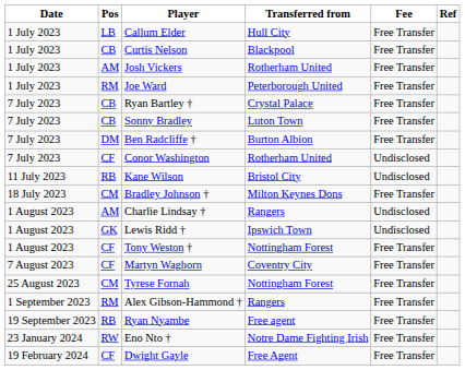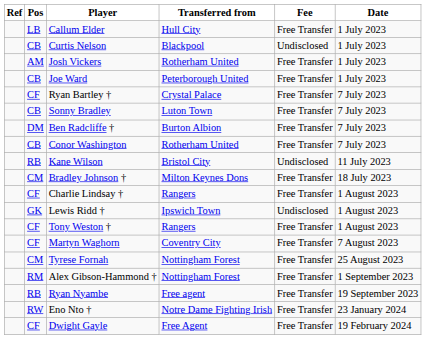 <table class="wikitable plainrowheaders sortable">
 <tr>
-<th style="color:#000000; background:#ffffff; ">Date</th>
+<th style="color:#000000; background:#ffffff; ">Ref</th>
 <th style="color:#000000; background:#ffffff; ">Pos</th>
 <th style="color:#000000; background:#ffffff; ">Player</th>
 <th style="color:#000000; background:#ffffff; ">Transferred from</th>
 <th style="color:#000000; background:#ffffff; ">Fee</th>
-<th style="color:#000000; background:#ffffff; ">Ref</th>
+<th style="color:#000000; background:#ffffff; ">Date</th>
 </tr>
 <tr>
-<td>1 July 2023</td>
+<td></td>
 <td><a href='#'>LB</a></td>
 <td> <a href='#'>Callum Elder</a></td>
 <td> <a href='#'>Hull City</a></td>
 <td>Free Transfer</td>
-<td></td>
+<td>1 July 2023</td>
 </tr>
 <tr>
-<td>1 July 2023</td>
+<td></td>
 <td><a href='#'>CB</a></td>
 <td> <a href='#'>Curtis Nelson</a></td>
 <td> <a href='#'>Blackpool</a></td>
-<td>Free Transfer</td>
-<td></td>
+<td>Undisclosed</td>
+<td>1 July 2023</td>
 </tr>
 <tr>
-<td>1 July 2023</td>
+<td></td>
 <td><a href='#'>AM</a></td>
 <td> <a href='#'>Josh Vickers</a></td>
 <td> <a href='#'>Rotherham United</a></td>
 <td>Free Transfer</td>
-<td></td>
+<td>1 July 2023</td>
 </tr>
 <tr>
-<td>1 July 2023</td>
-<td><a href='#'>RM</a></td>
+<td></td>
+<td><a href='#'>CB</a></td>
 <td> <a href='#'>Joe Ward</a></td>
 <td> <a href='#'>Peterborough United</a></td>
 <td>Free Transfer</td>
-<td></td>
+<td>1 July 2023</td>
 </tr>
 <tr>
-<td>7 July 2023</td>
-<td><a href='#'>CB</a></td>
+<td></td>
+<td><a href='#'>CF</a></td>
 <td> Ryan Bartley †</td>
 <td> <a href='#'>Crystal Palace</a></td>
 <td>Free Transfer</td>
-<td></td>
+<td>7 July 2023</td>
 </tr>
 <tr>
-<td>7 July 2023</td>
+<td></td>
 <td><a href='#'>CB</a></td>
 <td> <a href='#'>Sonny Bradley</a></td>
 <td> <a href='#'>Luton Town</a></td>
 <td>Free Transfer</td>
-<td></td>
+<td>7 July 2023</td>
 </tr>
 <tr>
-<td>7 July 2023</td>
+<td></td>
 <td><a href='#'>DM</a></td>
 <td> <a href='#'>Ben Radcliffe</a> †</td>
 <td> <a href='#'>Burton Albion</a></td>
 <td>Free Transfer</td>
-<td></td>
+<td>7 July 2023</td>
 </tr>
 <tr>
-<td>7 July 2023</td>
-<td><a href='#'>CF</a></td>
+<td></td>
+<td><a href='#'>CB</a></td>
 <td> <a href='#'>Conor Washington</a></td>
 <td> <a href='#'>Rotherham United</a></td>
-<td>Undisclosed</td>
-<td></td>
+<td>Free Transfer</td>
+<td>7 July 2023</td>
 </tr>
 <tr>
-<td>11 July 2023</td>
+<td></td>
 <td><a href='#'>RB</a></td>
 <td> <a href='#'>Kane Wilson</a></td>
 <td> <a href='#'>Bristol City</a></td>
 <td>Undisclosed</td>
-<td></td>
+<td>11 July 2023</td>
 </tr>
 <tr>
-<td>18 July 2023</td>
+<td></td>
 <td><a href='#'>CM</a></td>
 <td> <a href='#'>Bradley Johnson</a> †</td>
 <td> <a href='#'>Milton Keynes Dons</a></td>
 <td>Free Transfer</td>
-<td></td>
+<td>18 July 2023</td>
 </tr>
 <tr>
-<td>1 August 2023</td>
-<td><a href='#'>AM</a></td>
+<td></td>
+<td><a href='#'>CF</a></td>
 <td> Charlie Lindsay †</td>
 <td> <a href='#'>Rangers</a></td>
-<td>Undisclosed</td>
-<td></td>
+<td>Free Transfer</td>
+<td>1 August 2023</td>
 </tr>
 <tr>
-<td>1 August 2023</td>
+<td></td>
 <td><a href='#'>GK</a></td>
 <td> Lewis Ridd †</td>
 <td> <a href='#'>Ipswich Town</a></td>
 <td>Undisclosed</td>
-<td></td>
+<td>1 August 2023</td>
 </tr>
 <tr>
-<td>1 August 2023</td>
+<td></td>
 <td><a href='#'>CF</a></td>
 <td> <a href='#'>Tony Weston</a> †</td>
-<td> <a href='#'>Nottingham Forest</a></td>
+<td> <a href='#'>Rangers</a></td>
 <td>Free Transfer</td>
-<td></td>
+<td>1 August 2023</td>
 </tr>
 <tr>
-<td>7 August 2023</td>
+<td></td>
 <td><a href='#'>CF</a></td>
 <td> <a href='#'>Martyn Waghorn</a></td>
 <td> <a href='#'>Coventry City</a></td>
 <td>Free Transfer</td>
-<td></td>
+<td>7 August 2023</td>
 </tr>
 <tr>
-<td>25 August 2023</td>
+<td></td>
 <td><a href='#'>CM</a></td>
 <td> <a href='#'>Tyrese Fornah</a></td>
 <td> <a href='#'>Nottingham Forest</a></td>
 <td>Free Transfer</td>
-<td></td>
+<td>25 August 2023</td>
 </tr>
 <tr>
-<td>1 September 2023</td>
+<td></td>
 <td><a href='#'>RM</a></td>
 <td> Alex Gibson-Hammond †</td>
-<td> <a href='#'>Rangers</a></td>
+<td> <a href='#'>Nottingham Forest</a></td>
 <td>Free Transfer</td>
-<td></td>
+<td>1 September 2023</td>
 </tr>
 <tr>
-<td>19 September 2023</td>
+<td></td>
 <td><a href='#'>RB</a></td>
 <td> <a href='#'>Ryan Nyambe</a></td>
 <td> <a href='#'>Free agent</a></td>
 <td>Free Transfer</td>
-<td></td>
+<td>19 September 2023</td>
 </tr>
 <tr>
-<td>23 January 2024</td>
+<td></td>
 <td><a href='#'>RW</a></td>
 <td> Eno Nto †</td>
 <td> <a href='#'>Notre Dame Fighting Irish</a></td>
 <td>Free Transfer</td>
-<td></td>
+<td>23 January 2024</td>
 </tr>
 <tr>
-<td>19 February 2024</td>
+<td></td>
 <td><a href='#'>CF</a></td>
 <td> <a href='#'>Dwight Gayle</a></td>
 <td> <a href='#'>Free Agent</a></td>
 <td>Free Transfer</td>
-<td></td>
+<td>19 February 2024</td>
 </tr>
 </table>
